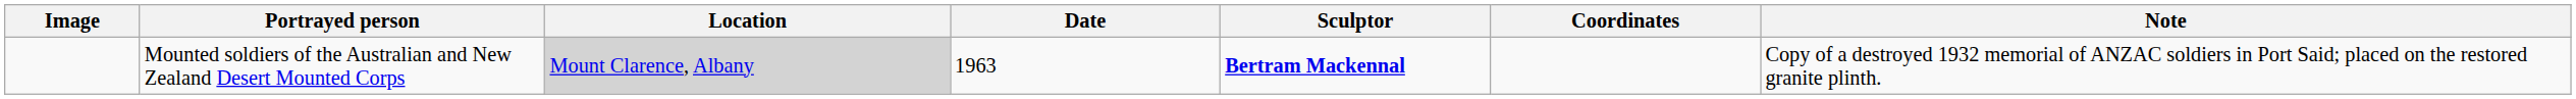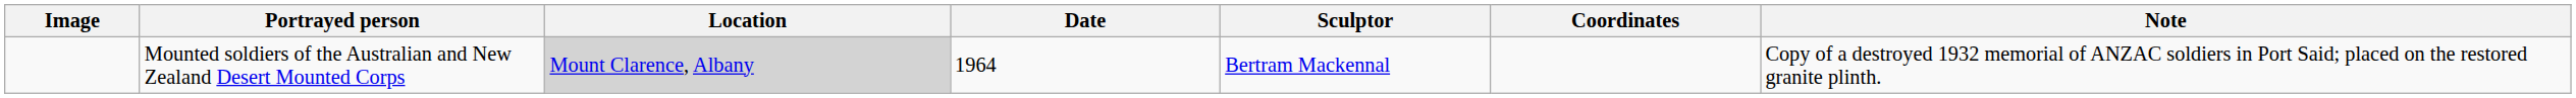 <table class="wikitable sortable"  style="width:100%;">
 <tr>
 <th width="5%" align="left" class="unsortable">Image</th>
 <th width="15%" align="left">Portrayed person</th>
 <th width="15%" align="left">Location</th>
 <th width="10%" align="left">Date</th>
 <th width="10%" align="left">Sculptor</th>
 <th width="10%" align="left">Coordinates</th>
 <th width="30%" align="left">Note</th>
 </tr>
 <tr>
 <td></td>
 <td>Mounted soldiers of the Australian and New Zealand <a href='#'>Desert Mounted Corps</a></td>
 <td style="background: lightgrey;"><a href='#'>Mount Clarence</a>, <a href='#'>Albany</a></td>
-<td>1963</td>
-<td><strong><a href='#'>Bertram Mackennal</a></strong></td>
+<td>1964</td>
+<td><a href='#'>Bertram Mackennal</a></td>
 <td></td>
 <td>Copy of a destroyed 1932 memorial of ANZAC soldiers in Port Said; placed on the restored granite plinth.</td>
 </tr>
 </table>
